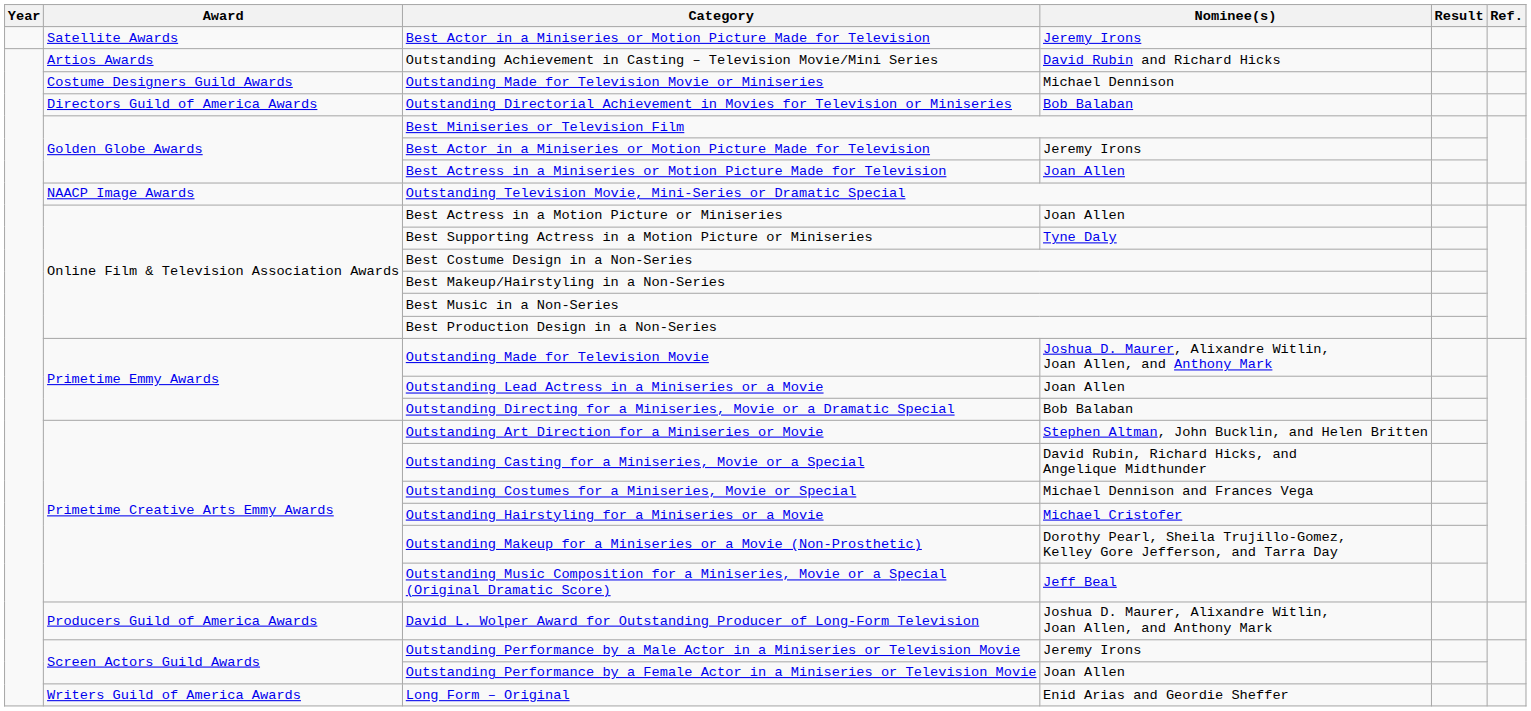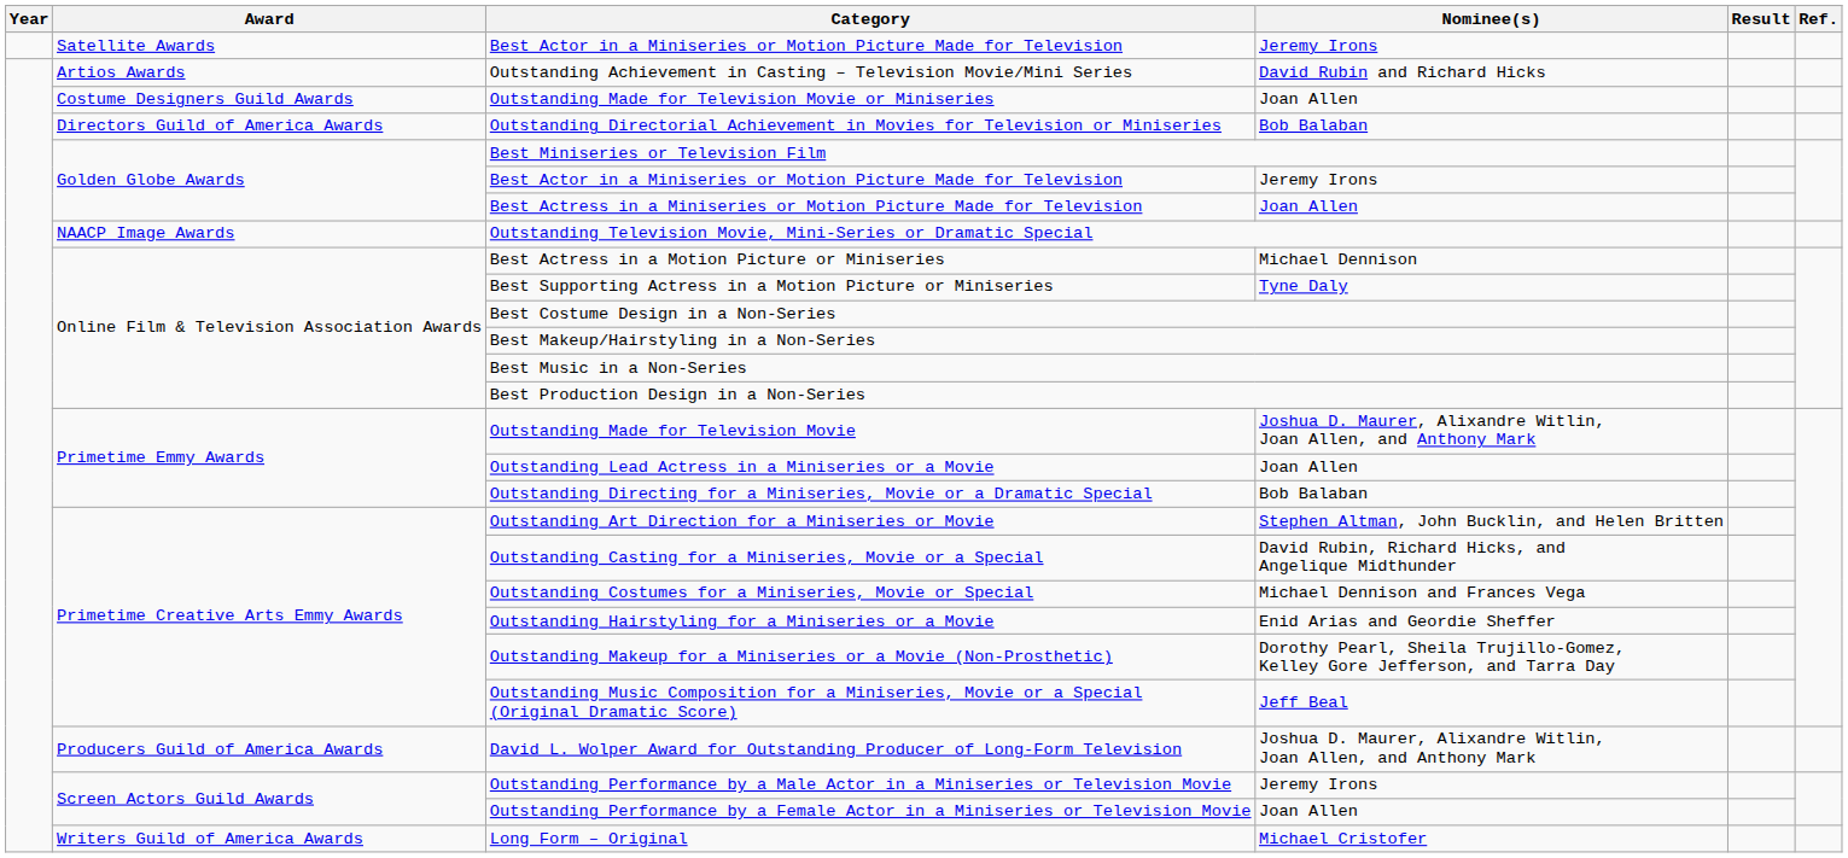 <table class="wikitable sortable">
 <tr>
 <th>Year</th>
 <th>Award</th>
 <th>Category</th>
 <th>Nominee(s)</th>
 <th>Result</th>
 <th>Ref.</th>
 </tr>
 <tr>
 <td></td>
 <td><a href='#'>Satellite Awards</a></td>
 <td><a href='#'>Best Actor in a Miniseries or Motion Picture Made for Television</a></td>
 <td><a href='#'>Jeremy Irons</a></td>
 <td></td>
 <td align="center"></td>
 </tr>
 <tr>
 <td rowspan="26"></td>
 <td><a href='#'>Artios Awards</a></td>
 <td>Outstanding Achievement in Casting – Television Movie/Mini Series</td>
 <td><a href='#'>David Rubin</a> and Richard Hicks</td>
 <td></td>
 <td align="center"></td>
 </tr>
 <tr>
 <td><a href='#'>Costume Designers Guild Awards</a></td>
 <td><a href='#'>Outstanding Made for Television Movie or Miniseries</a></td>
-<td>Michael Dennison</td>
+<td>Joan Allen</td>
 <td></td>
 <td align="center"></td>
 </tr>
 <tr>
 <td><a href='#'>Directors Guild of America Awards</a></td>
 <td><a href='#'>Outstanding Directorial Achievement in Movies for Television or Miniseries</a></td>
 <td><a href='#'>Bob Balaban</a></td>
 <td></td>
 <td align="center"></td>
 </tr>
 <tr>
 <td rowspan="3"><a href='#'>Golden Globe Awards</a></td>
 <td colspan="2"><a href='#'>Best Miniseries or Television Film</a></td>
 <td></td>
 <td align="center" rowspan="3"></td>
 </tr>
 <tr>
 <td><a href='#'>Best Actor in a Miniseries or Motion Picture Made for Television</a></td>
 <td>Jeremy Irons</td>
 <td></td>
 </tr>
 <tr>
 <td><a href='#'>Best Actress in a Miniseries or Motion Picture Made for Television</a></td>
 <td><a href='#'>Joan Allen</a></td>
 <td></td>
 </tr>
 <tr>
 <td><a href='#'>NAACP Image Awards</a></td>
 <td colspan="2"><a href='#'>Outstanding Television Movie, Mini-Series or Dramatic Special</a></td>
 <td></td>
 <td align="center"></td>
 </tr>
 <tr>
 <td rowspan="6">Online Film & Television Association Awards</td>
 <td>Best Actress in a Motion Picture or Miniseries</td>
-<td>Joan Allen</td>
+<td>Michael Dennison</td>
 <td></td>
 <td align="center" rowspan="6"></td>
 </tr>
 <tr>
 <td>Best Supporting Actress in a Motion Picture or Miniseries</td>
 <td><a href='#'>Tyne Daly</a></td>
 <td></td>
 </tr>
 <tr>
 <td colspan="2">Best Costume Design in a Non-Series</td>
 <td></td>
 </tr>
 <tr>
 <td colspan="2">Best Makeup/Hairstyling in a Non-Series</td>
 <td></td>
 </tr>
 <tr>
 <td colspan="2">Best Music in a Non-Series</td>
 <td></td>
 </tr>
 <tr>
 <td colspan="2">Best Production Design in a Non-Series</td>
 <td></td>
 </tr>
 <tr>
 <td rowspan="3"><a href='#'>Primetime Emmy Awards</a></td>
 <td><a href='#'>Outstanding Made for Television Movie</a></td>
 <td><a href='#'>Joshua D. Maurer</a>, Alixandre Witlin, <br> Joan Allen, and <a href='#'>Anthony Mark</a></td>
 <td></td>
 <td align="center" rowspan="9"></td>
 </tr>
 <tr>
 <td><a href='#'>Outstanding Lead Actress in a Miniseries or a Movie</a></td>
 <td>Joan Allen</td>
 <td></td>
 </tr>
 <tr>
 <td><a href='#'>Outstanding Directing for a Miniseries, Movie or a Dramatic Special</a></td>
 <td>Bob Balaban</td>
 <td></td>
 </tr>
 <tr>
 <td rowspan="6"><a href='#'>Primetime Creative Arts Emmy Awards</a></td>
 <td><a href='#'>Outstanding Art Direction for a Miniseries or Movie</a></td>
 <td><a href='#'>Stephen Altman</a>, John Bucklin, and Helen Britten</td>
 <td></td>
 </tr>
 <tr>
 <td><a href='#'>Outstanding Casting for a Miniseries, Movie or a Special</a></td>
 <td>David Rubin, Richard Hicks, and <br> Angelique Midthunder</td>
 <td></td>
 </tr>
 <tr>
 <td><a href='#'>Outstanding Costumes for a Miniseries, Movie or Special</a></td>
 <td>Michael Dennison and Frances Vega</td>
 <td></td>
 </tr>
 <tr>
 <td><a href='#'>Outstanding Hairstyling for a Miniseries or a Movie</a></td>
-<td><a href='#'>Michael Cristofer</a></td>
+<td>Enid Arias and Geordie Sheffer</td>
 <td></td>
 </tr>
 <tr>
 <td><a href='#'>Outstanding Makeup for a Miniseries or a Movie (Non-Prosthetic)</a></td>
 <td>Dorothy Pearl, Sheila Trujillo-Gomez, <br> Kelley Gore Jefferson, and Tarra Day</td>
 <td></td>
 </tr>
 <tr>
 <td><a href='#'>Outstanding Music Composition for a Miniseries, Movie or a Special <br> (Original Dramatic Score)</a></td>
 <td><a href='#'>Jeff Beal</a></td>
 <td></td>
 </tr>
 <tr>
 <td><a href='#'>Producers Guild of America Awards</a></td>
 <td><a href='#'>David L. Wolper Award for Outstanding Producer of Long-Form Television</a></td>
 <td>Joshua D. Maurer, Alixandre Witlin, <br> Joan Allen, and Anthony Mark</td>
 <td></td>
 <td align="center"></td>
 </tr>
 <tr>
 <td rowspan="2"><a href='#'>Screen Actors Guild Awards</a></td>
 <td><a href='#'>Outstanding Performance by a Male Actor in a Miniseries or Television Movie</a></td>
 <td>Jeremy Irons</td>
 <td></td>
 <td align="center" rowspan="2"></td>
 </tr>
 <tr>
 <td><a href='#'>Outstanding Performance by a Female Actor in a Miniseries or Television Movie</a></td>
 <td>Joan Allen</td>
 <td></td>
 </tr>
 <tr>
 <td><a href='#'>Writers Guild of America Awards</a></td>
 <td><a href='#'>Long Form – Original</a></td>
-<td>Enid Arias and Geordie Sheffer</td>
+<td><a href='#'>Michael Cristofer</a></td>
 <td></td>
 <td align="center"></td>
 </tr>
 </table>
